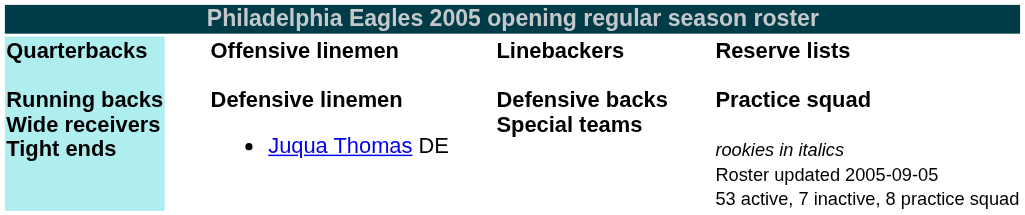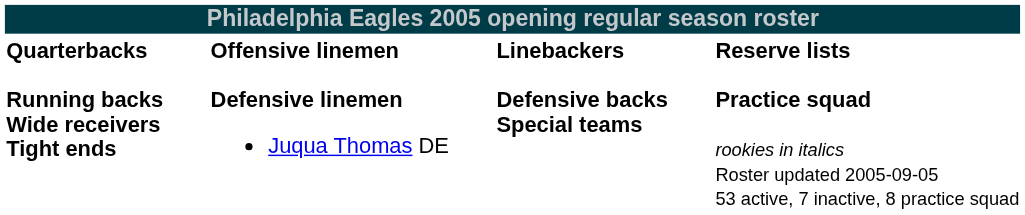 <table class="toccolours" style="text-align: left;">
 <tr>
 <th colspan="9" style="background-color: #003B48; color: #C4C8CB; text-align: center;"><strong>Philadelphia Eagles 2005 opening regular season roster</strong></th>
 </tr>
 <tr>
-<td style="background: paleturquoise; font-size: 95%;" valign="top"><strong>Quarterbacks</strong><br>  <br><strong>Running backs</strong>     <br><strong>Wide receivers</strong>     <br><strong>Tight ends</strong>  </td>
+<td style="font-size: 95%;" valign="top"><strong>Quarterbacks</strong><br>  <br><strong>Running backs</strong>     <br><strong>Wide receivers</strong>     <br><strong>Tight ends</strong>  </td>
 <td style="width: 25px;"></td>
 <td style="font-size: 95%;" valign="top"><strong>Offensive linemen</strong><br>        <br><strong>Defensive linemen</strong>      <ul><li> <a href='#'>Juqua Thomas</a> DE</li></ul></td>
 <td style="width: 25px;"></td>
 <td style="font-size: 95%;" valign="top"><strong>Linebackers</strong><br>       <br><strong>Defensive backs</strong>          <br><strong>Special teams</strong>   </td>
 <td style="width: 25px;"></td>
 <td style="font-size: 95%;" valign="top"><strong>Reserve lists</strong><br>      <br><strong>Practice squad</strong>        <br><br> <small><em>rookies in italics</em></small><br> <small>Roster updated 2005-09-05</small><br> <small>53 active, 7 inactive, 8 practice squad</small></td>
 </tr>
 </table>
